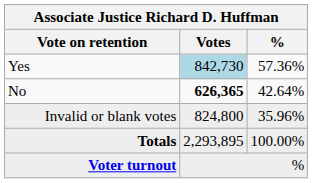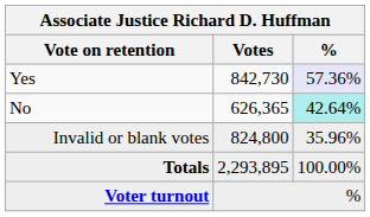 <table class="wikitable" style="font-size: 95%;">
 <tr style="background-color:#E9E9E9">
 <th colspan=7>Associate Justice Richard D. Huffman</th>
 </tr>
 <tr style="background-color:#E9E9E9">
 <th style="width: 170px">Vote on retention</th>
 <th style="width: 50px">Votes</th>
 <th style="width: 40px">%</th>
 </tr>
 <tr>
 <td>Yes</td>
-<td align="right" style="background: lightblue;">842,730</td>
-<td align="right">57.36%</td>
+<td align="right">842,730</td>
+<td align="right" style="background: lavender;">57.36%</td>
 </tr>
 <tr>
 <td>No</td>
-<td align="right"><strong>626,365</strong></td>
-<td align="right">42.64%</td>
+<td align="right">626,365</td>
+<td align="right" style="background: paleturquoise;">42.64%</td>
 </tr>
 <tr style="background-color:#EEEEEE">
 <td align="right">Invalid or blank votes</td>
 <td align="right">824,800</td>
 <td align="right">35.96%</td>
 </tr>
 <tr style="background-color:#EEEEEE">
 <td colspan="1" align="right"><strong>Totals</strong></td>
 <td align="right">2,293,895</td>
 <td align="right">100.00%</td>
 </tr>
 <tr style="background-color:#EEEEEE">
 <td align="right"><strong><a href='#'>Voter turnout</a></strong></td>
 <td colspan="2" align="right">%</td>
 </tr>
 </table>
